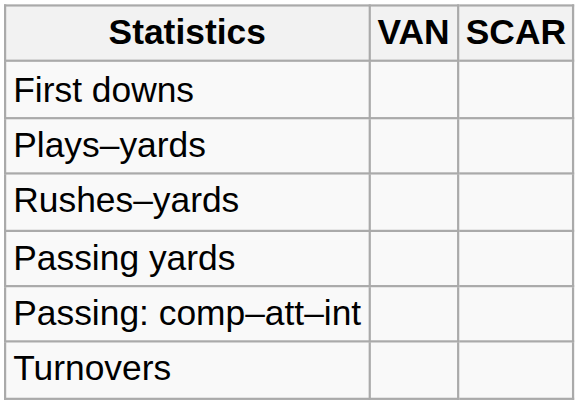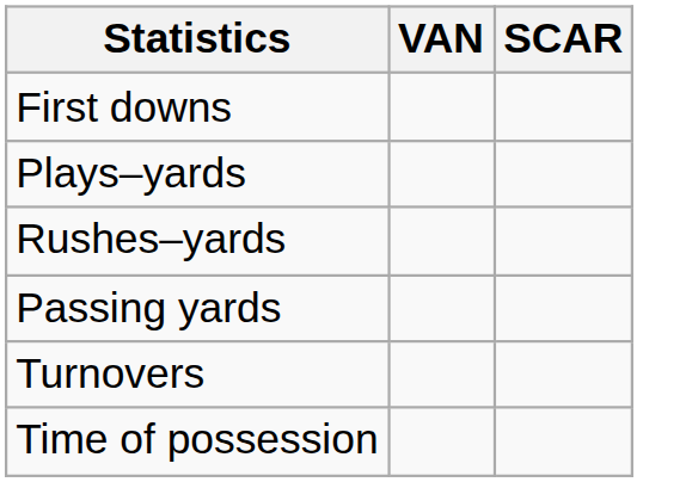 <table class="wikitable" style="float:left">
 <tr>
 <th>Statistics</th>
 <th>VAN</th>
 <th>SCAR</th>
 </tr>
 <tr>
 <td>First downs</td>
 <td></td>
 <td></td>
 </tr>
 <tr>
 <td>Plays–yards</td>
 <td></td>
 <td></td>
 </tr>
 <tr>
 <td>Rushes–yards</td>
 <td></td>
 <td></td>
 </tr>
 <tr>
 <td>Passing yards</td>
 <td></td>
 <td></td>
 </tr>
 <tr>
-<td>Passing: comp–att–int</td>
+<td>Turnovers</td>
 <td></td>
 <td></td>
 </tr>
 <tr>
-<td>Turnovers</td>
+<td>Time of possession</td>
 <td></td>
 <td></td>
 </tr>
 </table>
